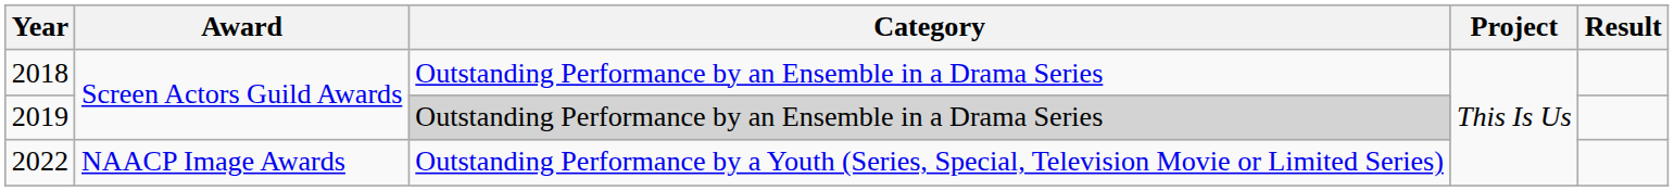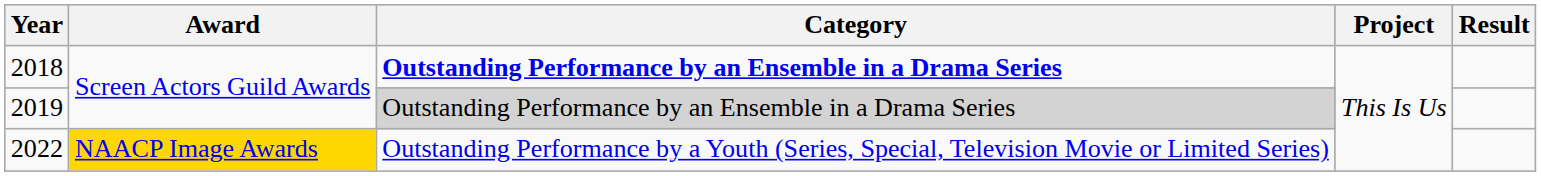 <table class="wikitable sortable">
 <tr>
 <th>Year</th>
 <th>Award</th>
 <th>Category</th>
 <th>Project</th>
 <th>Result</th>
 </tr>
 <tr>
 <td>2018</td>
 <td rowspan="2"><a href='#'>Screen Actors Guild Awards</a></td>
-<td><a href='#'>Outstanding Performance by an Ensemble in a Drama Series</a></td>
+<td><strong><a href='#'>Outstanding Performance by an Ensemble in a Drama Series</a></strong></td>
 <td rowspan="3"><em>This Is Us</em></td>
 <td></td>
 </tr>
 <tr>
 <td>2019</td>
 <td style="background: lightgrey;">Outstanding Performance by an Ensemble in a Drama Series</td>
 <td></td>
 </tr>
 <tr>
 <td>2022</td>
-<td><a href='#'>NAACP Image Awards</a></td>
+<td style="background: gold;"><a href='#'>NAACP Image Awards</a></td>
 <td><a href='#'>Outstanding Performance by a Youth (Series, Special, Television Movie or Limited Series)</a></td>
 <td></td>
 </tr>
 </table>
